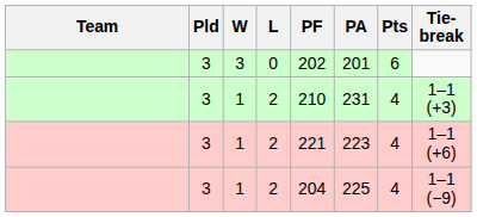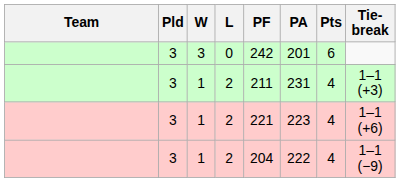 <table class="wikitable" style="text-align:center;">
 <tr>
 <th width=170>Team</th>
 <th width=25>Pld</th>
 <th width=25>W</th>
 <th width=25>L</th>
 <th width=35>PF</th>
 <th width=35>PA</th>
 <th width=25>Pts</th>
 <th width=50>Tie-break</th>
 </tr>
 <tr bgcolor=#ccffcc>
 <td align="left"></td>
 <td>3</td>
 <td>3</td>
 <td>0</td>
-<td>202</td>
+<td>242</td>
 <td>201</td>
 <td>6</td>
 </tr>
 <tr bgcolor=#ccffcc>
 <td align="left"></td>
 <td>3</td>
 <td>1</td>
 <td>2</td>
-<td>210</td>
+<td>211</td>
 <td>231</td>
 <td>4</td>
 <td>1–1 (+3)</td>
 </tr>
 <tr bgcolor=#ffcccc>
 <td align="left"></td>
 <td>3</td>
 <td>1</td>
 <td>2</td>
 <td>221</td>
 <td>223</td>
 <td>4</td>
 <td>1–1 (+6)</td>
 </tr>
 <tr bgcolor=#ffcccc>
 <td align="left"></td>
 <td>3</td>
 <td>1</td>
 <td>2</td>
 <td>204</td>
-<td>225</td>
+<td>222</td>
 <td>4</td>
 <td>1–1 (−9)</td>
 </tr>
 </table>
